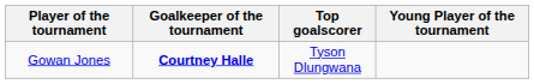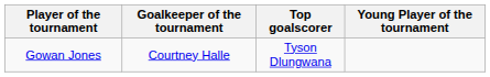 <table class=wikitable style="text-align:center; margin:auto">
 <tr>
 <th>Player of the tournament</th>
 <th>Goalkeeper of the tournament</th>
 <th>Top goalscorer</th>
 <th>Young Player of the tournament</th>
 </tr>
 <tr>
 <td> <a href='#'>Gowan Jones</a></td>
-<td><strong> <a href='#'>Courtney Halle</a></strong></td>
+<td> <a href='#'>Courtney Halle</a></td>
 <td> <a href='#'>Tyson Dlungwana</a></td>
 </tr>
 </table>
